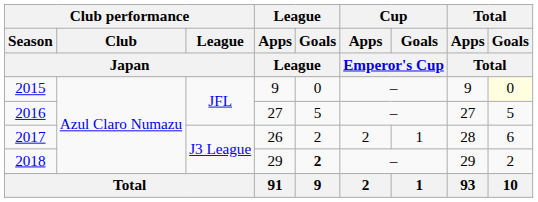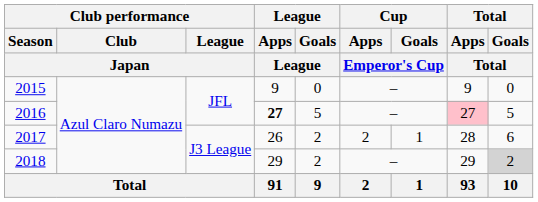 <table class="wikitable" style="text-align:center;">
 <tr>
 <th colspan=3>Club performance</th>
 <th colspan=2>League</th>
 <th colspan=2>Cup</th>
 <th colspan=2>Total</th>
 </tr>
 <tr>
 <th>Season</th>
 <th>Club</th>
 <th>League</th>
 <th>Apps</th>
 <th>Goals</th>
 <th>Apps</th>
 <th>Goals</th>
 <th>Apps</th>
 <th>Goals</th>
 </tr>
 <tr>
 <th colspan=3>Japan</th>
 <th colspan=2>League</th>
 <th colspan=2><a href='#'>Emperor's Cup</a></th>
 <th colspan=2>Total</th>
 </tr>
 <tr>
 <td><a href='#'>2015</a></td>
 <td rowspan="4"><a href='#'>Azul Claro Numazu</a></td>
 <td rowspan="2"><a href='#'>JFL</a></td>
 <td>9</td>
 <td>0</td>
 <td colspan="2">–</td>
 <td>9</td>
-<td style="background: lightyellow;">0</td>
+<td>0</td>
 </tr>
 <tr>
 <td><a href='#'>2016</a></td>
-<td>27</td>
+<td><strong>27</strong></td>
 <td>5</td>
 <td colspan="2">–</td>
-<td>27</td>
+<td style="background: pink;">27</td>
 <td>5</td>
 </tr>
 <tr>
 <td><a href='#'>2017</a></td>
 <td rowspan="2"><a href='#'>J3 League</a></td>
 <td>26</td>
 <td>2</td>
 <td>2</td>
 <td>1</td>
 <td>28</td>
 <td>6</td>
 </tr>
 <tr>
 <td><a href='#'>2018</a></td>
 <td>29</td>
-<td><strong>2</strong></td>
+<td>2</td>
 <td colspan="2">–</td>
 <td>29</td>
-<td>2</td>
+<td style="background: lightgrey;">2</td>
 </tr>
 <tr>
 <th colspan=3>Total</th>
 <th>91</th>
 <th>9</th>
 <th>2</th>
 <th>1</th>
 <th>93</th>
 <th>10</th>
 </tr>
 </table>
